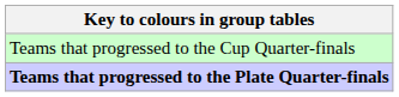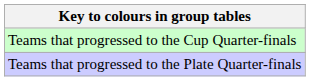 <table class="wikitable">
 <tr>
 <th>Key to colours in group tables</th>
 </tr>
 <tr style="background:#cfc;">
 <td>Teams that progressed to the Cup Quarter-finals</td>
 </tr>
 <tr style="background:#ccf;">
-<td><strong>Teams that progressed to the Plate Quarter-finals</strong></td>
+<td>Teams that progressed to the Plate Quarter-finals</td>
 </tr>
 </table>
